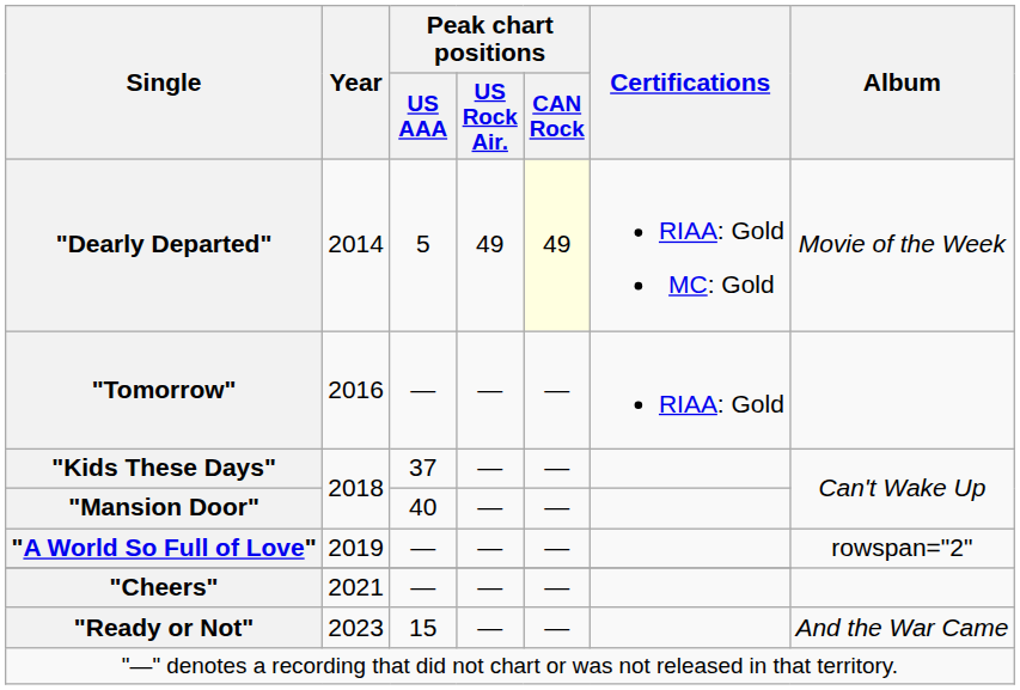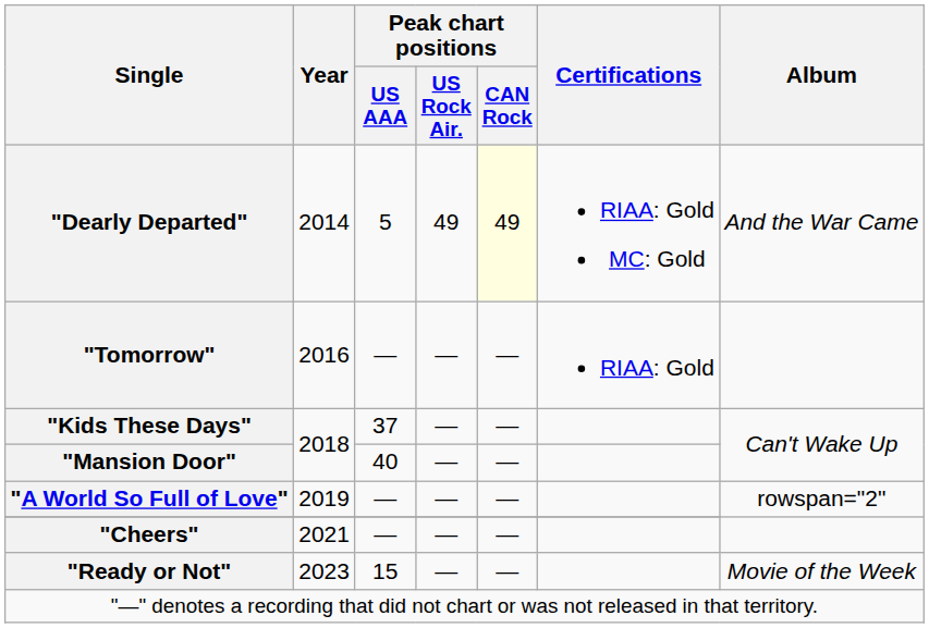 <table class="wikitable plainrowheaders" style="text-align:center;">
 <tr>
 <th scope="col" rowspan="2">Single</th>
 <th scope="col" rowspan="2">Year</th>
 <th scope="col" colspan="3">Peak chart positions</th>
 <th scope="col" rowspan="2"><a href='#'>Certifications</a></th>
 <th scope="col" rowspan="2">Album</th>
 </tr>
 <tr>
 <th scope="col" style="width:2.5em;font-size:90%;"><a href='#'>US<br>AAA</a><br></th>
 <th scope="col" style="width:2.5em;font-size:90%;"><a href='#'>US<br>Rock<br>Air.</a><br></th>
 <th scope="col" style="width:2.5em;font-size:90%;"><a href='#'>CAN<br>Rock</a><br></th>
 </tr>
 <tr>
 <th scope="row">"Dearly Departed"<br></th>
 <td>2014</td>
 <td>5</td>
 <td>49</td>
 <td style="background: lightyellow;">49</td>
 <td><br><ul><li><a href='#'>RIAA</a>: Gold</li></ul><ul><li><a href='#'>MC</a>: Gold</li></ul></td>
-<td><em>Movie of the Week	</em></td>
+<td rowspan="1"><em>And the War Came</em></td>
 </tr>
 <tr>
 <th scope="row">"Tomorrow"</th>
 <td>2016</td>
 <td>—</td>
 <td>—</td>
 <td>—</td>
 <td><br><ul><li><a href='#'>RIAA</a>: Gold</li></ul></td>
 <td></td>
 </tr>
 <tr>
 <th scope="row">"Kids These Days"</th>
 <td rowspan="2">2018</td>
 <td>37</td>
 <td>—</td>
 <td>—</td>
 <td></td>
 <td rowspan="2"><em>Can't Wake Up</em></td>
 </tr>
 <tr>
 <th scope="row">"Mansion Door"</th>
 <td>40</td>
 <td>—</td>
 <td>—</td>
 <td></td>
 </tr>
 <tr>
 <th scope="row">"<a href='#'>A World So Full of Love</a>"</th>
 <td>2019</td>
 <td>—</td>
 <td>—</td>
 <td>—</td>
 <td></td>
 <td>rowspan="2" </td>
 </tr>
 <tr>
 </tr>
 <tr>
 <th scope="row">"Cheers"</th>
 <td>2021</td>
 <td>—</td>
 <td>—</td>
 <td>—</td>
 <td></td>
 </tr>
 <tr>
 <th scope="row">"Ready or Not"<br></th>
 <td>2023</td>
 <td>15</td>
 <td>—</td>
 <td>—</td>
 <td></td>
-<td rowspan="1"><em>And the War Came</em></td>
+<td><em>Movie of the Week	</em></td>
 </tr>
 <tr>
 <td colspan="10" style="font-size:90%">"—" denotes a recording that did not chart or was not released in that territory.</td>
 </tr>
 </table>
